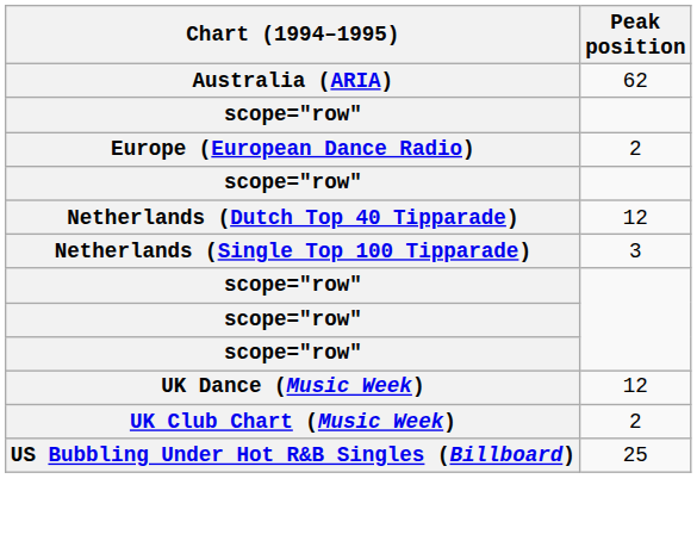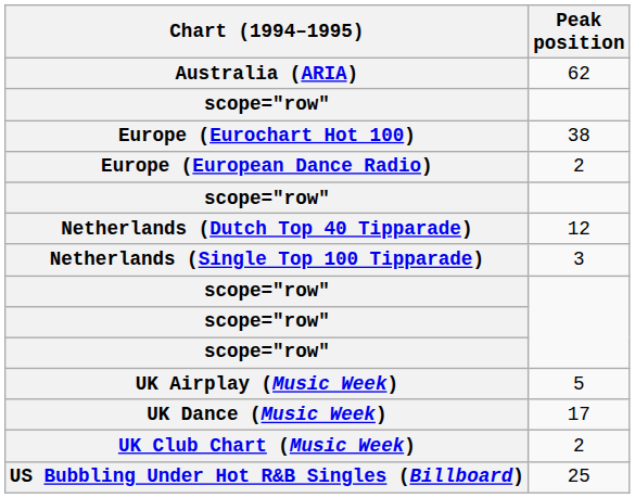 <table class="wikitable sortable plainrowheaders" style="text-align:center">
 <tr>
 <th>Chart (1994–1995)</th>
 <th>Peak<br>position</th>
 </tr>
 <tr>
 <th scope="row">Australia (<a href='#'>ARIA</a>)</th>
 <td>62</td>
 </tr>
 <tr>
 <th>scope="row"</th>
+</tr>
+<tr>
+<th scope="row">Europe (<a href='#'>Eurochart Hot 100</a>)</th>
+<td>38</td>
 </tr>
 <tr>
 <th scope="row">Europe (<a href='#'>European Dance Radio</a>)</th>
 <td>2</td>
 </tr>
 <tr>
 <th>scope="row"</th>
 </tr>
 <tr>
 <th scope="row">Netherlands (<a href='#'>Dutch Top 40 Tipparade</a>)</th>
 <td>12</td>
 </tr>
 <tr>
 <th scope="row">Netherlands (<a href='#'>Single Top 100 Tipparade</a>)</th>
 <td>3</td>
 </tr>
 <tr>
 <th>scope="row"</th>
 </tr>
 <tr>
 <th>scope="row"</th>
 </tr>
 <tr>
 <th>scope="row"</th>
 </tr>
 <tr>
+<th scope="row">UK Airplay (<em><a href='#'>Music Week</a></em>)</th>
+<td>5</td>
+</tr>
+<tr>
 <th scope="row">UK Dance (<em><a href='#'>Music Week</a></em>)</th>
-<td>12</td>
+<td>17</td>
 </tr>
 <tr>
 <th scope="row"><a href='#'>UK Club Chart</a> (<em><a href='#'>Music Week</a></em>)</th>
 <td>2</td>
 </tr>
 <tr>
 <th scope="row">US <a href='#'>Bubbling Under Hot R&B Singles</a> (<em><a href='#'>Billboard</a></em>)</th>
 <td>25</td>
 </tr>
 </table>
